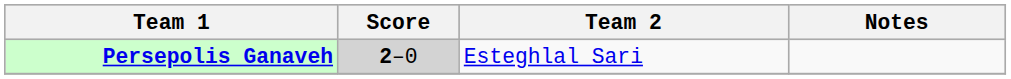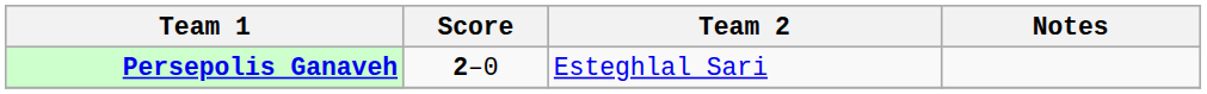 <table class="wikitable" style="text-align:center">
 <tr>
 <th width=250>Team 1</th>
 <th width=80>Score</th>
 <th width=250>Team 2</th>
 <th width=165>Notes</th>
 </tr>
 <tr>
 <td style="background:#cfc;" align="right"><strong><a href='#'>Persepolis Ganaveh</a></strong></td>
-<td style="background: lightgrey;"><strong>2</strong>–0</td>
+<td><strong>2</strong>–0</td>
 <td align="left"><a href='#'>Esteghlal Sari</a></td>
 <td></td>
 </tr>
 <tr>
 </tr>
 </table>
